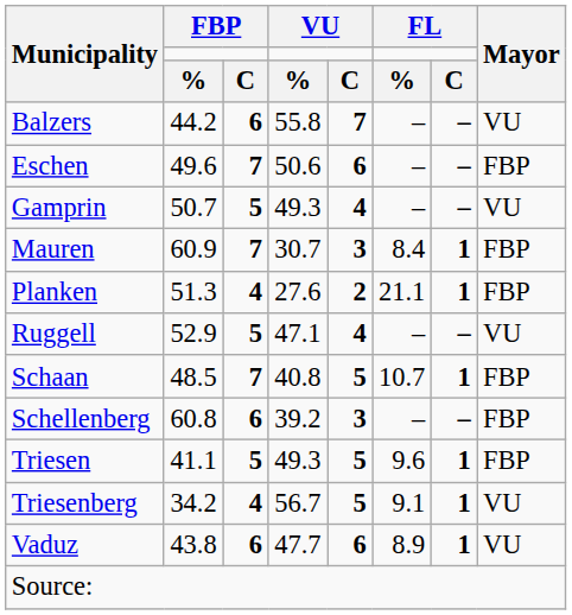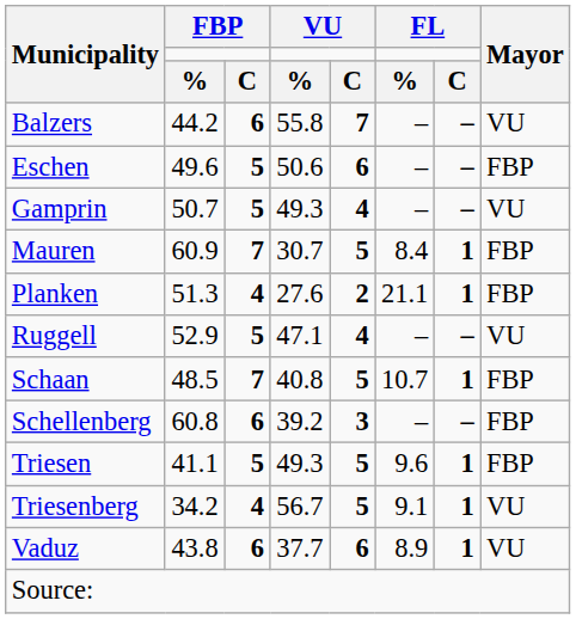 <table class="wikitable">
 <tr>
 <th rowspan="3">Municipality</th>
 <th colspan="2"><a href='#'>FBP</a></th>
 <th colspan="2"><a href='#'>VU</a></th>
 <th colspan="2"><a href='#'>FL</a></th>
 <th rowspan="3" colspan="2">Mayor</th>
 </tr>
 <tr>
 <td colspan="2" style="color:inherit;background:"></td>
 <td colspan="2"></td>
 <td colspan="2" style="color:inherit;background:"></td>
 </tr>
 <tr>
 <th width=25>%</th>
 <th width=20>C</th>
 <th width=25>%</th>
 <th width=20>C</th>
 <th width=25>%</th>
 <th width=20>C</th>
 </tr>
 <tr>
 <td><a href='#'>Balzers</a></td>
 <td style="text-align: right;">44.2</td>
 <td style="text-align: right; font-weight: bold;">6</td>
 <td style="text-align: right;">55.8</td>
 <td style="text-align: right; font-weight: bold;">7</td>
 <td style="text-align: right;">–</td>
 <td style="text-align: right; font-weight: bold;">–</td>
 <td>VU</td>
 </tr>
 <tr>
 <td><a href='#'>Eschen</a></td>
 <td style="text-align: right;">49.6</td>
-<td style="text-align: right; font-weight: bold;">7</td>
+<td style="text-align: right; font-weight: bold;">5</td>
 <td style="text-align: right;">50.6</td>
 <td style="text-align: right; font-weight: bold;">6</td>
 <td style="text-align: right;">–</td>
 <td style="text-align: right; font-weight: bold;">–</td>
 <td>FBP</td>
 </tr>
 <tr>
 <td><a href='#'>Gamprin</a></td>
 <td style="text-align: right;">50.7</td>
 <td style="text-align: right; font-weight: bold;">5</td>
 <td style="text-align: right;">49.3</td>
 <td style="text-align: right; font-weight: bold;">4</td>
 <td style="text-align: right;">–</td>
 <td style="text-align: right; font-weight: bold;">–</td>
 <td>VU</td>
 </tr>
 <tr>
 <td><a href='#'>Mauren</a></td>
 <td style="text-align: right;">60.9</td>
 <td style="text-align: right; font-weight: bold;">7</td>
 <td style="text-align: right;">30.7</td>
-<td style="text-align: right; font-weight: bold;">3</td>
+<td style="text-align: right; font-weight: bold;">5</td>
 <td style="text-align: right;">8.4</td>
 <td style="text-align: right; font-weight: bold;">1</td>
 <td>FBP</td>
 </tr>
 <tr>
 <td><a href='#'>Planken</a></td>
 <td style="text-align: right;">51.3</td>
 <td style="text-align: right; font-weight: bold;">4</td>
 <td style="text-align: right;">27.6</td>
 <td style="text-align: right; font-weight: bold;">2</td>
 <td style="text-align: right;">21.1</td>
 <td style="text-align: right; font-weight: bold;">1</td>
 <td>FBP</td>
 </tr>
 <tr>
 <td><a href='#'>Ruggell</a></td>
 <td style="text-align: right;">52.9</td>
 <td style="text-align: right; font-weight: bold;">5</td>
 <td style="text-align: right;">47.1</td>
 <td style="text-align: right; font-weight: bold;">4</td>
 <td style="text-align: right;">–</td>
 <td style="text-align: right; font-weight: bold;">–</td>
 <td>VU</td>
 </tr>
 <tr>
 <td><a href='#'>Schaan</a></td>
 <td style="text-align: right;">48.5</td>
 <td style="text-align: right; font-weight: bold;">7</td>
 <td style="text-align: right;">40.8</td>
 <td style="text-align: right; font-weight: bold;">5</td>
 <td style="text-align: right;">10.7</td>
 <td style="text-align: right; font-weight: bold;">1</td>
 <td>FBP</td>
 </tr>
 <tr>
 <td><a href='#'>Schellenberg</a></td>
 <td style="text-align: right;">60.8</td>
 <td style="text-align: right; font-weight: bold;">6</td>
 <td style="text-align: right;">39.2</td>
 <td style="text-align: right; font-weight: bold;">3</td>
 <td style="text-align: right;">–</td>
 <td style="text-align: right; font-weight: bold;">–</td>
 <td>FBP</td>
 </tr>
 <tr>
 <td><a href='#'>Triesen</a></td>
 <td style="text-align: right;">41.1</td>
 <td style="text-align: right; font-weight: bold;">5</td>
 <td style="text-align: right;">49.3</td>
 <td style="text-align: right; font-weight: bold;">5</td>
 <td style="text-align: right;">9.6</td>
 <td style="text-align: right; font-weight: bold;">1</td>
 <td>FBP</td>
 </tr>
 <tr>
 <td><a href='#'>Triesenberg</a></td>
 <td style="text-align: right;">34.2</td>
 <td style="text-align: right; font-weight: bold;">4</td>
 <td style="text-align: right;">56.7</td>
 <td style="text-align: right; font-weight: bold;">5</td>
 <td style="text-align: right;">9.1</td>
 <td style="text-align: right; font-weight: bold;">1</td>
 <td>VU</td>
 </tr>
 <tr>
 <td><a href='#'>Vaduz</a></td>
 <td style="text-align: right;">43.8</td>
 <td style="text-align: right; font-weight: bold;">6</td>
-<td style="text-align: right;">47.7</td>
+<td style="text-align: right;">37.7</td>
 <td style="text-align: right; font-weight: bold;">6</td>
 <td style="text-align: right;">8.9</td>
 <td style="text-align: right; font-weight: bold;">1</td>
 <td>VU</td>
 </tr>
 <tr>
 <td align=left colspan=8>Source: </td>
 </tr>
 </table>
